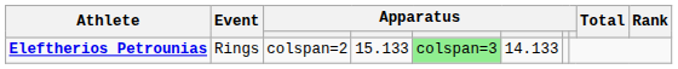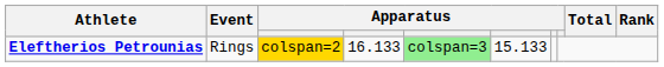 <table class="wikitable" style="font-size:90%">
 <tr>
 <th rowspan=2>Athlete</th>
 <th rowspan=2>Event</th>
 <th colspan=6>Apparatus</th>
 <th rowspan=2>Total</th>
 <th rowspan=2>Rank</th>
 </tr>
 <tr style="font-size:95%">
 <th></th>
 <th></th>
 <th></th>
 <th></th>
 <th></th>
 <th></th>
 </tr>
 <tr align=center>
 <td align=left><strong><a href='#'>Eleftherios Petrounias</a></strong></td>
 <td align=left>Rings</td>
-<td>colspan=2</td>
+<td style="background: gold;">colspan=2</td>
+<td>16.133</td>
+<td style="background: lightgreen;">colspan=3</td>
 <td>15.133</td>
-<td style="background: lightgreen;">colspan=3</td>
-<td>14.133</td>
 <td></td>
 </tr>
 </table>
